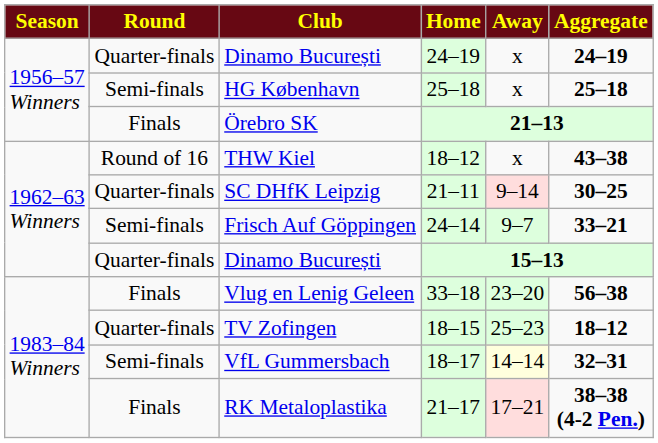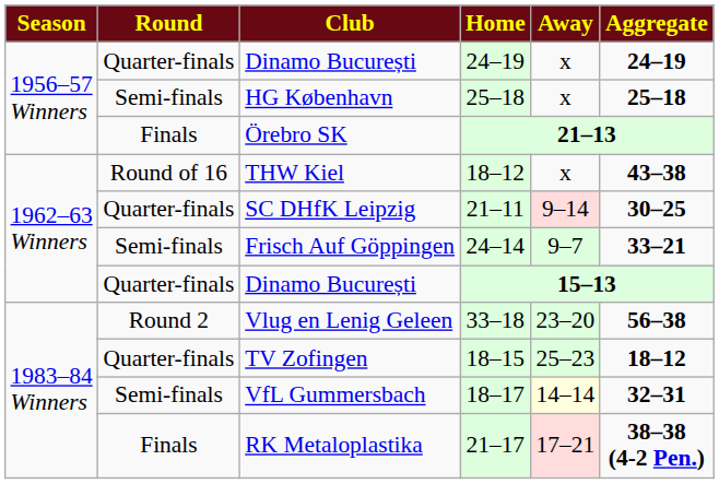 <table class="wikitable">
 <tr>
 <th style="color:yellow; background:#670813">Season</th>
 <th style="color:yellow; background:#670813">Round</th>
 <th style="color:yellow; background:#670813">Club</th>
 <th style="color:yellow; background:#670813">Home</th>
 <th style="color:yellow; background:#670813">Away</th>
 <th style="color:yellow; background:#670813">Aggregate</th>
 </tr>
 <tr>
 <td rowspan=3><a href='#'>1956–57</a><br> <em>Winners</em></td>
 <td align=center>Quarter-finals</td>
 <td> <a href='#'>Dinamo București</a></td>
 <td style="text-align:center; background:#dfd;">24–19</td>
 <td style="text-align:center;">x</td>
 <td style="text-align:center;"><strong>24–19</strong></td>
 </tr>
 <tr>
 <td align=center>Semi-finals</td>
 <td> <a href='#'>HG København</a></td>
 <td style="text-align:center; background:#dfd;">25–18</td>
 <td style="text-align:center;">x</td>
 <td style="text-align:center;"><strong>25–18</strong></td>
 </tr>
 <tr>
 <td align=center>Finals</td>
 <td> <a href='#'>Örebro SK</a></td>
 <td colspan=3; style="text-align:center; background:#dfd;"><strong>21–13</strong></td>
 </tr>
 <tr>
 <td rowspan=4><a href='#'>1962–63</a><br> <em>Winners</em></td>
 <td align=center>Round of 16</td>
 <td> <a href='#'>THW Kiel</a></td>
 <td style="text-align:center; background:#dfd;">18–12</td>
 <td style="text-align:center;">x</td>
 <td style="text-align:center;"><strong>43–38</strong></td>
 </tr>
 <tr>
 <td align=center>Quarter-finals</td>
 <td> <a href='#'>SC DHfK Leipzig</a></td>
 <td style="text-align:center; background:#dfd;">21–11</td>
 <td style="text-align:center; background:#fdd;">9–14</td>
 <td style="text-align:center;"><strong>30–25</strong></td>
 </tr>
 <tr>
 <td align=center>Semi-finals</td>
 <td> <a href='#'>Frisch Auf Göppingen</a></td>
 <td style="text-align:center; background:#dfd;">24–14</td>
 <td style="text-align:center; background:#dfd;">9–7</td>
 <td style="text-align:center;"><strong>33–21</strong></td>
 </tr>
 <tr>
 <td align=center>Quarter-finals</td>
 <td> <a href='#'>Dinamo București</a></td>
 <td colspan=3; style="text-align:center; background:#dfd;"><strong>15–13</strong></td>
 </tr>
 <tr>
 <td rowspan=4><a href='#'>1983–84</a><br> <em>Winners</em></td>
-<td align=center>Finals</td>
+<td align=center>Round 2</td>
 <td> <a href='#'>Vlug en Lenig Geleen</a></td>
 <td style="text-align:center; background:#dfd;">33–18</td>
 <td style="text-align:center; background:#dfd;">23–20</td>
 <td style="text-align:center;"><strong>56–38</strong></td>
 </tr>
 <tr>
 <td align=center>Quarter-finals</td>
 <td> <a href='#'>TV Zofingen</a></td>
 <td style="text-align:center; background:#dfd;">18–15</td>
 <td style="text-align:center; background:#dfd;">25–23</td>
 <td style="text-align:center;"><strong>18–12</strong></td>
 </tr>
 <tr>
 <td align=center>Semi-finals</td>
 <td> <a href='#'>VfL Gummersbach</a></td>
 <td style="text-align:center; background:#dfd;">18–17</td>
 <td style="text-align:center; background:#ffd;">14–14</td>
 <td style="text-align:center;"><strong>32–31</strong></td>
 </tr>
 <tr>
 <td align=center>Finals</td>
 <td> <a href='#'>RK Metaloplastika</a></td>
 <td style="text-align:center; background:#dfd;">21–17</td>
 <td style="text-align:center; background:#fdd;">17–21</td>
 <td style="text-align:center;"><strong>38–38 <br> (4-2 <a href='#'> Pen.</a>)</strong></td>
 </tr>
 </table>
